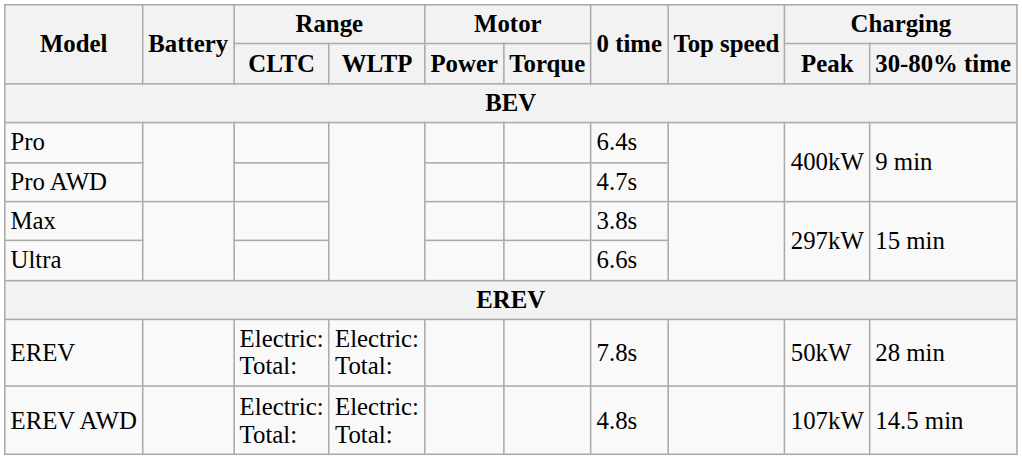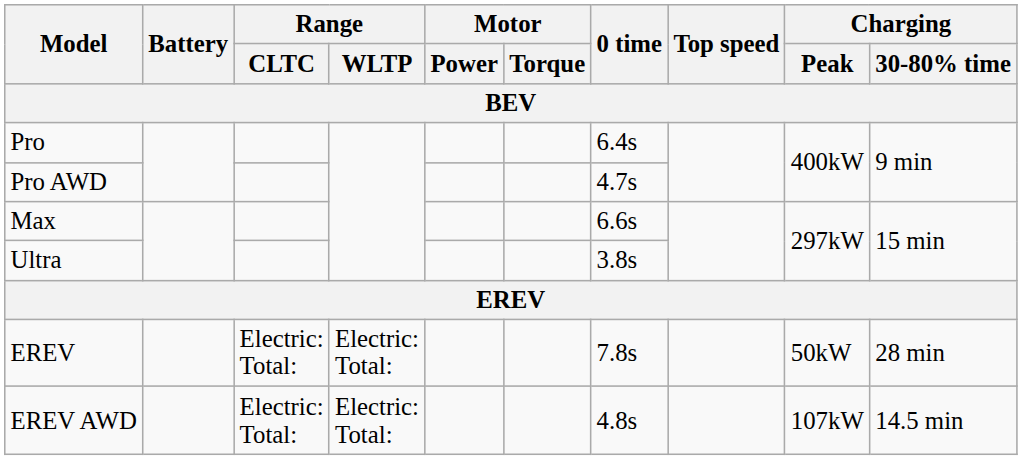 <table class="wikitable">
 <tr>
 <th rowspan="2">Model</th>
 <th rowspan="2">Battery</th>
 <th colspan="2">Range</th>
 <th colspan="2">Motor</th>
 <th rowspan="2">0 time</th>
 <th rowspan="2">Top speed</th>
 <th colspan="2">Charging</th>
 </tr>
 <tr>
 <th>CLTC</th>
 <th>WLTP</th>
 <th>Power</th>
 <th>Torque</th>
 <th>Peak</th>
 <th>30-80% time</th>
 </tr>
 <tr>
 <th colspan="10">BEV</th>
 </tr>
 <tr>
 <td>Pro</td>
 <td rowspan="2"></td>
 <td></td>
 <td rowspan="4"></td>
 <td></td>
 <td></td>
 <td>6.4s</td>
 <td rowspan="2"></td>
 <td rowspan="2">400kW</td>
 <td rowspan="2">9 min</td>
 </tr>
 <tr>
 <td>Pro AWD</td>
 <td></td>
 <td></td>
 <td></td>
 <td>4.7s</td>
 </tr>
 <tr>
 <td>Max</td>
 <td rowspan="2"></td>
 <td></td>
 <td></td>
 <td></td>
-<td>3.8s</td>
+<td>6.6s</td>
 <td rowspan="2"></td>
 <td rowspan="2">297kW</td>
 <td rowspan="2">15 min</td>
 </tr>
 <tr>
 <td>Ultra</td>
 <td></td>
 <td></td>
 <td></td>
-<td>6.6s</td>
+<td>3.8s</td>
 </tr>
 <tr>
 <th colspan="10">EREV</th>
 </tr>
 <tr>
 <td>EREV</td>
 <td></td>
 <td>Electric: <br>Total: </td>
 <td>Electric: <br>Total: </td>
 <td></td>
 <td></td>
 <td>7.8s</td>
 <td></td>
 <td>50kW</td>
 <td>28 min</td>
 </tr>
 <tr>
 <td>EREV AWD</td>
 <td></td>
 <td>Electric: <br>Total: </td>
 <td>Electric: <br>Total: </td>
 <td></td>
 <td></td>
 <td>4.8s</td>
 <td></td>
 <td>107kW</td>
 <td>14.5 min</td>
 </tr>
 </table>
